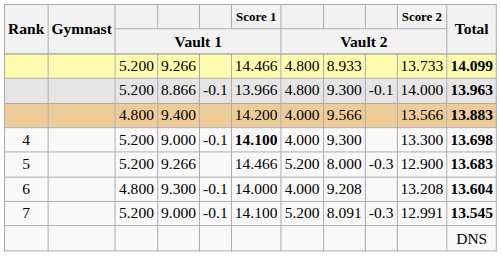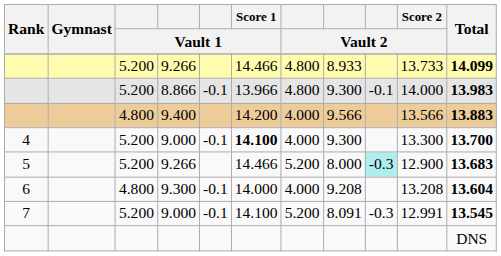 <table class="wikitable sortable" style="text-align:center">
 <tr>
 <th rowspan=2>Rank</th>
 <th rowspan=2>Gymnast</th>
 <th><small></small></th>
 <th><small></small></th>
 <th><small></small></th>
 <th><small>Score 1</small></th>
 <th><small></small></th>
 <th><small></small></th>
 <th><small></small></th>
 <th><small>Score 2</small></th>
 <th rowspan=2>Total</th>
 </tr>
 <tr>
 <th colspan=4>Vault 1</th>
 <th colspan=4>Vault 2</th>
 </tr>
 <tr>
 </tr>
 <tr style="background:#fffcaf;">
 <td></td>
 <td align=left></td>
 <td>5.200</td>
 <td>9.266</td>
 <td></td>
 <td>14.466</td>
 <td>4.800</td>
 <td>8.933</td>
 <td></td>
 <td>13.733</td>
 <td><strong>14.099</strong></td>
 </tr>
 <tr style="background:#e5e5e5;">
 <td></td>
 <td align=left></td>
 <td>5.200</td>
 <td>8.866</td>
 <td>-0.1</td>
 <td>13.966</td>
 <td>4.800</td>
 <td>9.300</td>
 <td>-0.1</td>
 <td>14.000</td>
-<td><strong>13.963</strong></td>
+<td><strong>13.983</strong></td>
 </tr>
 <tr style="background:#ec9;">
 <td></td>
 <td align=left></td>
 <td>4.800</td>
 <td>9.400</td>
 <td></td>
 <td>14.200</td>
 <td>4.000</td>
 <td>9.566</td>
 <td></td>
 <td>13.566</td>
 <td><strong>13.883</strong></td>
 </tr>
 <tr>
 <td>4</td>
 <td align=left></td>
 <td>5.200</td>
 <td>9.000</td>
 <td>-0.1</td>
 <td><strong>14.100</strong></td>
 <td>4.000</td>
 <td>9.300</td>
 <td></td>
 <td>13.300</td>
-<td><strong>13.698</strong></td>
+<td><strong>13.700</strong></td>
 </tr>
 <tr>
 <td>5</td>
 <td align=left></td>
 <td>5.200</td>
 <td>9.266</td>
 <td></td>
 <td>14.466</td>
 <td>5.200</td>
 <td>8.000</td>
-<td>-0.3</td>
+<td style="background: paleturquoise;">-0.3</td>
 <td>12.900</td>
 <td><strong>13.683</strong></td>
 </tr>
 <tr>
 <td>6</td>
 <td align=left></td>
 <td>4.800</td>
 <td>9.300</td>
 <td>-0.1</td>
 <td>14.000</td>
 <td>4.000</td>
 <td>9.208</td>
 <td></td>
 <td>13.208</td>
 <td><strong>13.604</strong></td>
 </tr>
 <tr>
 <td>7</td>
 <td align=left></td>
 <td>5.200</td>
 <td>9.000</td>
 <td>-0.1</td>
 <td>14.100</td>
 <td>5.200</td>
 <td>8.091</td>
 <td>-0.3</td>
 <td>12.991</td>
 <td><strong>13.545</strong></td>
 </tr>
 <tr>
 <td></td>
 <td align=left></td>
 <td></td>
 <td></td>
 <td></td>
 <td></td>
 <td></td>
 <td></td>
 <td></td>
 <td></td>
 <td>DNS</td>
 </tr>
 </table>
